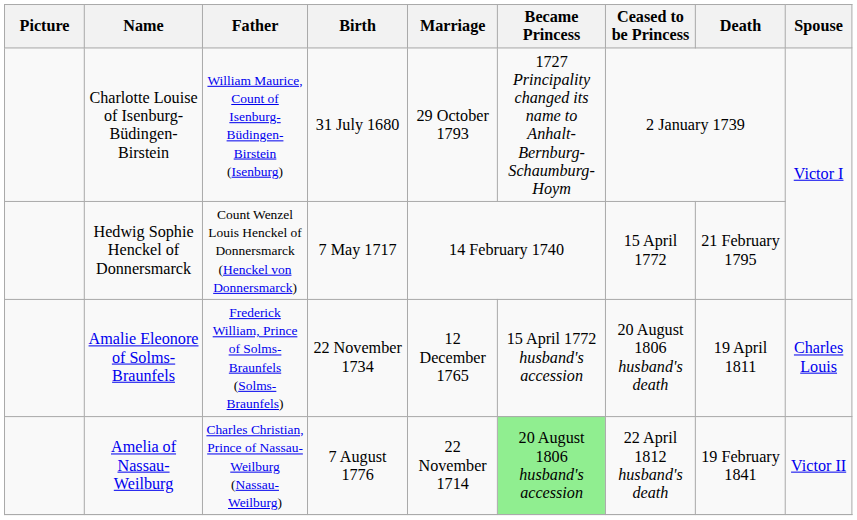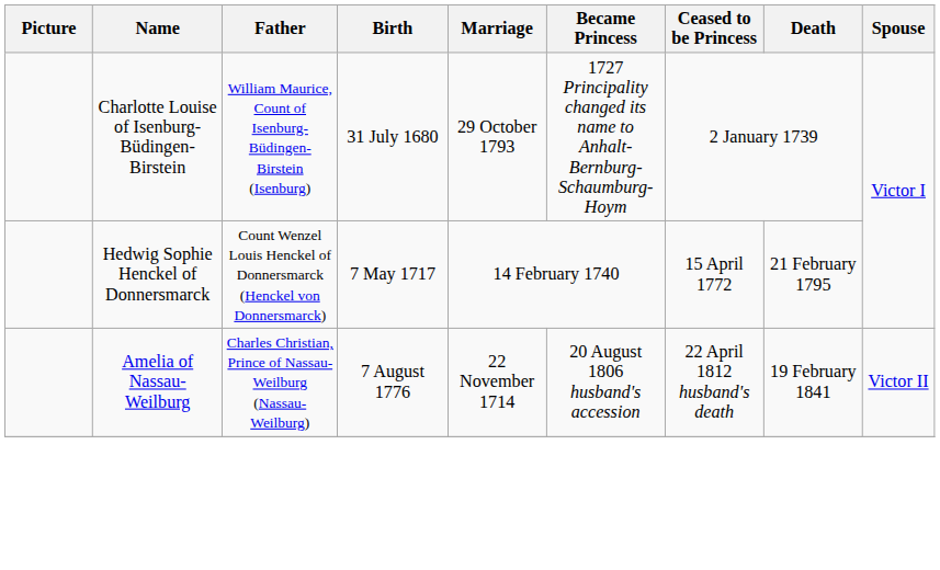 <table width=95% class="wikitable">
 <tr>
 <th width = "8%">Picture</th>
 <th width = "10%">Name</th>
 <th width = "9%">Father</th>
 <th width = "10%">Birth</th>
 <th width = "9%">Marriage</th>
 <th width = "9%">Became Princess</th>
 <th width = "9%">Ceased to be Princess</th>
 <th width = "9%">Death</th>
 <th width = "6%">Spouse</th>
 </tr>
 <tr>
 <td align="center"></td>
 <td align="center">Charlotte Louise of Isenburg-Büdingen-Birstein</td>
 <td align="center"><small><a href='#'>William Maurice, Count of Isenburg-Büdingen-Birstein</a><br>(<a href='#'>Isenburg</a>)</small></td>
 <td align="center">31 July 1680</td>
 <td align="center">29 October 1793</td>
 <td align="center">1727<br><em>Principality changed its name to Anhalt-Bernburg-Schaumburg-Hoym</em></td>
 <td align="center" colspan="2">2 January 1739</td>
 <td align="center" rowspan="2"><a href='#'>Victor I</a></td>
 </tr>
 <tr>
 <td align="center"></td>
 <td align="center">Hedwig Sophie Henckel of Donnersmarck</td>
 <td align="center"><small>Count Wenzel Louis Henckel of Donnersmarck<br>(<a href='#'>Henckel von Donnersmarck</a>)</small></td>
 <td align="center">7 May 1717</td>
 <td align="center" colspan="2">14 February 1740</td>
 <td align="center">15 April 1772</td>
 <td align="center">21 February 1795</td>
 </tr>
 <tr>
 <td align="center"></td>
-<td align="center"><a href='#'>Amalie Eleonore of Solms-Braunfels</a></td>
-<td align="center"><small><a href='#'>Frederick William, Prince of Solms-Braunfels</a><br>(<a href='#'>Solms-Braunfels</a>)</small></td>
-<td align="center">22 November 1734</td>
-<td align="center">12 December 1765</td>
-<td align="center">15 April 1772 <br><em>husband's accession</em></td>
-<td align="center">20 August 1806 <br><em>husband's death</em></td>
-<td align="center">19 April 1811</td>
-<td align="center"><a href='#'>Charles Louis</a></td>
-</tr>
-<tr>
-<td align="center"></td>
 <td align="center"><a href='#'>Amelia of Nassau-Weilburg</a></td>
 <td align="center"><small><a href='#'>Charles Christian, Prince of Nassau-Weilburg</a><br>(<a href='#'>Nassau-Weilburg</a>)</small></td>
 <td align="center">7 August 1776</td>
 <td align="center">22 November 1714</td>
-<td align="center" style="background: lightgreen;">20 August 1806<br><em>husband's accession</em></td>
+<td align="center">20 August 1806<br><em>husband's accession</em></td>
 <td align="center">22 April 1812<br><em>husband's death</em></td>
 <td align="center">19 February 1841</td>
 <td align="center"><a href='#'>Victor II</a></td>
 </tr>
 <tr>
 </tr>
 </table>
